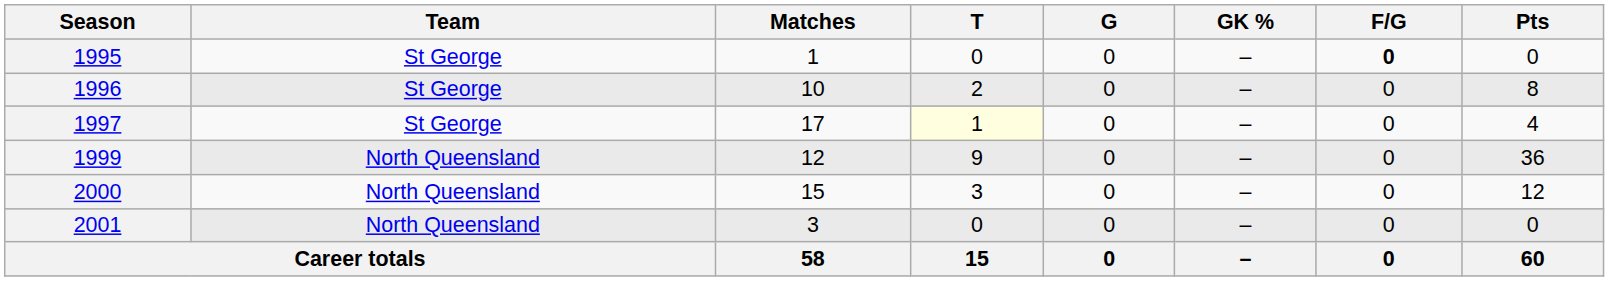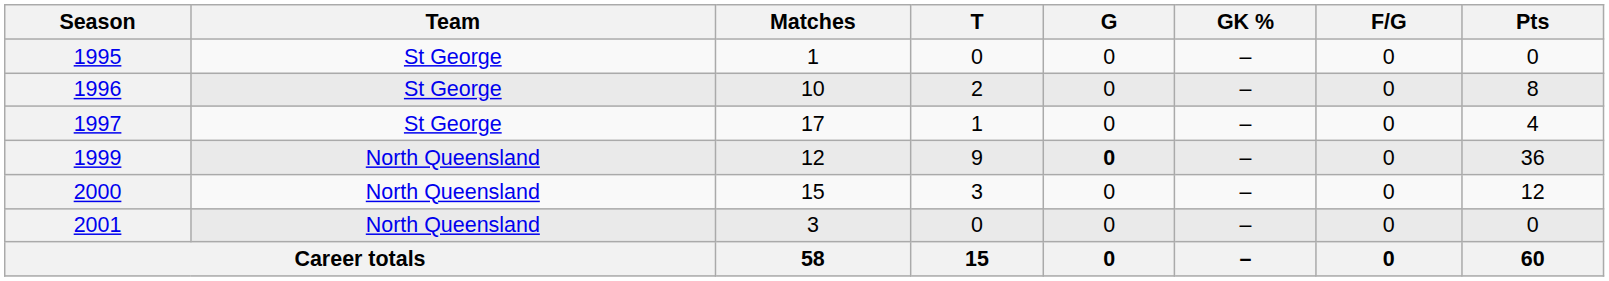 <table class="wikitable sortable"  style="font-size:90%; text-align:center; width:85%;">
 <tr>
 <th width=2%>Season</th>
 <th width=8%>Team</th>
 <th width=2%>Matches</th>
 <th width=2%>T</th>
 <th width=2%>G</th>
 <th width=2%>GK %</th>
 <th width=2%>F/G</th>
 <th width=2%>Pts</th>
 </tr>
 <tr>
 <th scope="row" style="text-align:center; font-weight:normal"><a href='#'>1995</a></th>
 <td style="text-align:center;"> <a href='#'>St George</a></td>
 <td>1</td>
 <td>0</td>
 <td>0</td>
 <td>–</td>
-<td><strong>0</strong></td>
+<td>0</td>
 <td>0</td>
 </tr>
 <tr style="background:#eaeaea;">
 <th scope="row" style="text-align:center; font-weight:normal"><a href='#'>1996</a></th>
 <td style="text-align:center;"> <a href='#'>St George</a></td>
 <td>10</td>
 <td>2</td>
 <td>0</td>
 <td>–</td>
 <td>0</td>
 <td>8</td>
 </tr>
 <tr>
 <th scope="row" style="text-align:center; font-weight:normal"><a href='#'>1997</a></th>
 <td style="text-align:center;"> <a href='#'>St George</a></td>
 <td>17</td>
-<td style="background: lightyellow;">1</td>
+<td>1</td>
 <td>0</td>
 <td>–</td>
 <td>0</td>
 <td>4</td>
 </tr>
 <tr style="background:#eaeaea;">
 <th scope="row" style="text-align:center; font-weight:normal"><a href='#'>1999</a></th>
 <td style="text-align:center;"> <a href='#'>North Queensland</a></td>
 <td>12</td>
 <td>9</td>
-<td>0</td>
+<td><strong>0</strong></td>
 <td>–</td>
 <td>0</td>
 <td>36</td>
 </tr>
 <tr>
 <th scope="row" style="text-align:center; font-weight:normal"><a href='#'>2000</a></th>
 <td style="text-align:center;"> <a href='#'>North Queensland</a></td>
 <td>15</td>
 <td>3</td>
 <td>0</td>
 <td>–</td>
 <td>0</td>
 <td>12</td>
 </tr>
 <tr style="background:#eaeaea;">
 <th scope="row" style="text-align:center; font-weight:normal"><a href='#'>2001</a></th>
 <td style="text-align:center;"> <a href='#'>North Queensland</a></td>
 <td>3</td>
 <td>0</td>
 <td>0</td>
 <td>–</td>
 <td>0</td>
 <td>0</td>
 </tr>
 <tr class="sortbottom">
 <th colspan=2>Career totals</th>
 <th>58</th>
 <th>15</th>
 <th>0</th>
 <th>–</th>
 <th>0</th>
 <th>60</th>
 </tr>
 </table>
